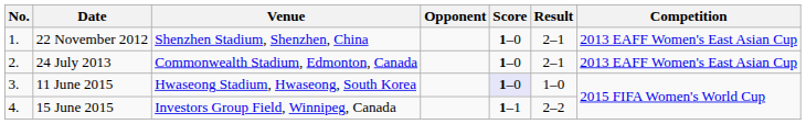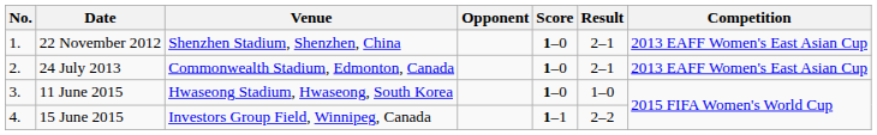 <table class="wikitable">
 <tr>
 <th>No.</th>
 <th>Date</th>
 <th>Venue</th>
 <th>Opponent</th>
 <th>Score</th>
 <th>Result</th>
 <th>Competition</th>
 </tr>
 <tr>
 <td>1.</td>
 <td>22 November 2012</td>
 <td><a href='#'>Shenzhen Stadium</a>, <a href='#'>Shenzhen</a>, <a href='#'>China</a></td>
 <td></td>
 <td align=center><strong>1</strong>–0</td>
 <td align=center>2–1</td>
 <td><a href='#'>2013 EAFF Women's East Asian Cup</a></td>
 </tr>
 <tr>
 <td>2.</td>
 <td>24 July 2013</td>
 <td><a href='#'>Commonwealth Stadium</a>, <a href='#'>Edmonton</a>, <a href='#'>Canada</a></td>
 <td></td>
 <td align=center><strong>1</strong>–0</td>
 <td align=center>2–1</td>
 <td><a href='#'>2013 EAFF Women's East Asian Cup</a></td>
 </tr>
 <tr>
 <td>3.</td>
 <td>11 June 2015</td>
 <td><a href='#'>Hwaseong Stadium</a>, <a href='#'>Hwaseong</a>, <a href='#'>South Korea</a></td>
 <td></td>
-<td align=center style="background: lavender;"><strong>1</strong>–0</td>
+<td align=center><strong>1</strong>–0</td>
 <td align=center>1–0</td>
 <td rowspan="2"><a href='#'>2015 FIFA Women's World Cup</a></td>
 </tr>
 <tr>
 <td>4.</td>
 <td>15 June 2015</td>
 <td><a href='#'>Investors Group Field</a>, <a href='#'>Winnipeg</a>, Canada</td>
 <td></td>
 <td align=center><strong>1</strong>–1</td>
 <td align=center>2–2</td>
 </tr>
 </table>
